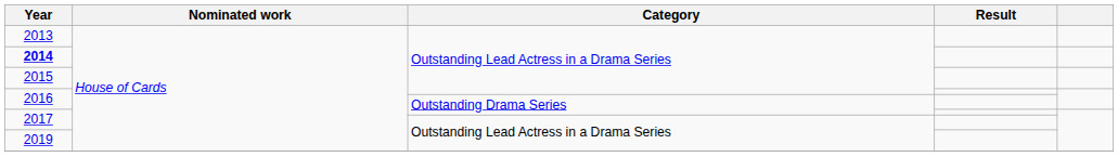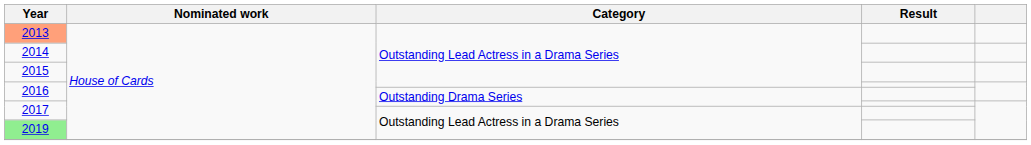 <table class="wikitable plainrowheaders" style="width:85%;">
 <tr>
 <th width="6%" scope="col">Year</th>
 <th width="30%" scope="col">Nominated work</th>
 <th width="47%" scope="col">Category</th>
 <th width="11%" scope="col">Result</th>
 <th width="5%" scope="col" class="unsortable"></th>
 </tr>
 <tr>
-<td style="text-align:center;"><a href='#'>2013</a></td>
+<td style="background: lightsalmon; text-align:center;"><a href='#'>2013</a></td>
 <td rowspan="8"><em><a href='#'>House of Cards</a></em></td>
 <td rowspan="4"><a href='#'>Outstanding Lead Actress in a Drama Series</a></td>
 <td></td>
 <td></td>
 </tr>
 <tr>
-<td style="text-align:center;"><strong><a href='#'>2014</a></strong></td>
+<td style="text-align:center;"><a href='#'>2014</a></td>
 <td></td>
 <td></td>
 </tr>
 <tr>
 <td style="text-align:center;"><a href='#'>2015</a></td>
 <td></td>
 <td></td>
 </tr>
 <tr>
 <td style="text-align:center;" rowspan="2"><a href='#'>2016</a></td>
 <td></td>
 <td rowspan="2"></td>
 </tr>
 <tr>
 <td rowspan="2"><a href='#'>Outstanding Drama Series</a></td>
 <td></td>
 </tr>
 <tr>
 <td style="text-align:center;" rowspan="2"><a href='#'>2017</a></td>
 <td></td>
 <td rowspan="3"></td>
 </tr>
 <tr>
 <td rowspan="2">Outstanding Lead Actress in a Drama Series</td>
 <td></td>
 </tr>
 <tr>
-<td style="text-align:center;"><a href='#'>2019</a></td>
+<td style="background: lightgreen; text-align:center;"><a href='#'>2019</a></td>
 <td></td>
 </tr>
 <tr>
 </tr>
 </table>
